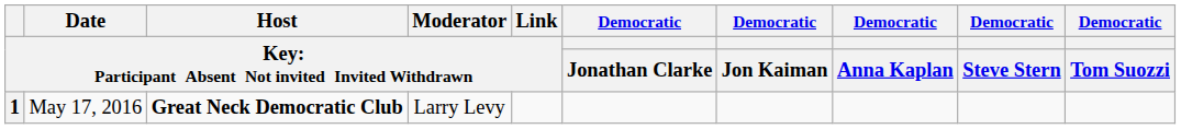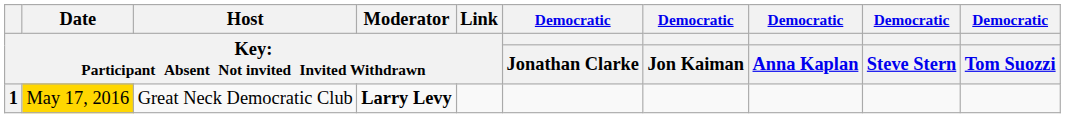 <table class="wikitable" style="text-align:center;">
 <tr>
 <th scope="col"></th>
 <th scope="col">Date</th>
 <th scope="col">Host</th>
 <th scope="col">Moderator</th>
 <th scope="col">Link</th>
 <th scope="col"><small><a href='#'>Democratic</a></small></th>
 <th scope="col"><small><a href='#'>Democratic</a></small></th>
 <th scope="col"><small><a href='#'>Democratic</a></small></th>
 <th scope="col"><small><a href='#'>Democratic</a></small></th>
 <th scope="col"><small><a href='#'>Democratic</a></small></th>
 </tr>
 <tr>
 <th colspan="5" rowspan="2">Key:<br> <small>Participant </small>  <small>Absent </small>  <small>Not invited </small>  <small>Invited  Withdrawn</small></th>
 <th scope="col" style="background:"></th>
 <th scope="col" style="background:"></th>
 <th scope="col" style="background:"></th>
 <th scope="col" style="background:"></th>
 <th scope="col" style="background:"></th>
 </tr>
 <tr>
 <th scope="col">Jonathan Clarke</th>
 <th scope="col">Jon Kaiman</th>
 <th scope="col"><a href='#'>Anna Kaplan</a></th>
 <th scope="col"><a href='#'>Steve Stern</a></th>
 <th scope="col"><a href='#'>Tom Suozzi</a></th>
 </tr>
 <tr>
 <th>1</th>
-<td style="white-space:nowrap;">May 17, 2016</td>
-<td style="white-space:nowrap;"><strong>Great Neck Democratic Club</strong></td>
-<td style="white-space:nowrap;">Larry Levy</td>
+<td style="background: gold; white-space:nowrap;">May 17, 2016</td>
+<td style="white-space:nowrap;">Great Neck Democratic Club</td>
+<td style="white-space:nowrap;"><strong>Larry Levy</strong></td>
 <td style="white-space:nowrap;"></td>
 <td></td>
 <td></td>
 <td></td>
 <td></td>
 <td></td>
 </tr>
 </table>
